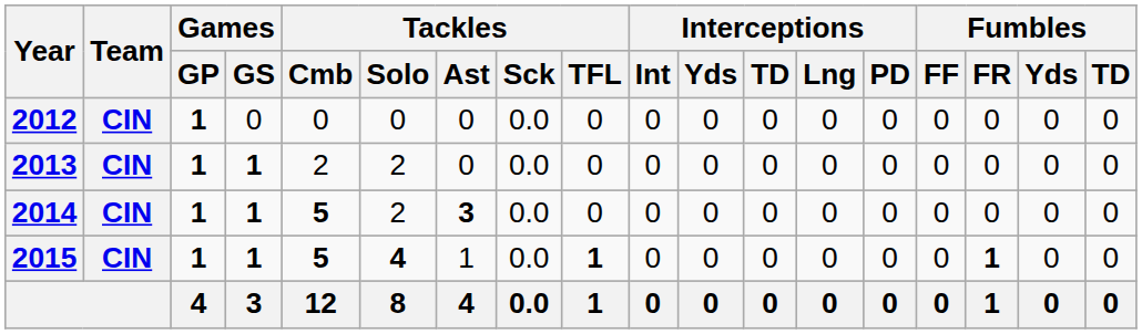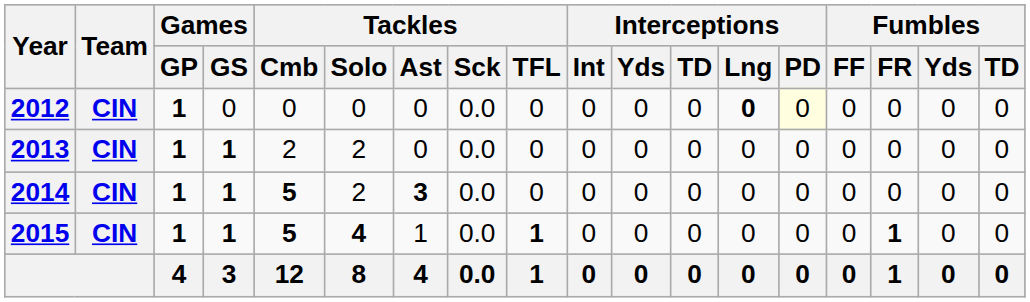 <table class="wikitable" style="text-align:center">
 <tr>
 <th rowspan="2">Year</th>
 <th rowspan="2">Team</th>
 <th colspan="2">Games</th>
 <th colspan="5">Tackles</th>
 <th colspan="5">Interceptions</th>
 <th colspan="4">Fumbles</th>
 </tr>
 <tr>
 <th>GP</th>
 <th>GS</th>
 <th>Cmb</th>
 <th>Solo</th>
 <th>Ast</th>
 <th>Sck</th>
 <th>TFL</th>
 <th>Int</th>
 <th>Yds</th>
 <th>TD</th>
 <th>Lng</th>
 <th>PD</th>
 <th>FF</th>
 <th>FR</th>
 <th>Yds</th>
 <th>TD</th>
 </tr>
 <tr>
 <th><a href='#'>2012</a></th>
 <th><a href='#'>CIN</a></th>
 <td><strong>1</strong></td>
 <td>0</td>
 <td>0</td>
 <td>0</td>
 <td>0</td>
 <td>0.0</td>
 <td>0</td>
 <td>0</td>
 <td>0</td>
 <td>0</td>
-<td>0</td>
-<td>0</td>
+<td><strong>0</strong></td>
+<td style="background: lightyellow;">0</td>
 <td>0</td>
 <td>0</td>
 <td>0</td>
 <td>0</td>
 </tr>
 <tr>
 <th><a href='#'>2013</a></th>
 <th><a href='#'>CIN</a></th>
 <td><strong>1</strong></td>
 <td><strong>1</strong></td>
 <td>2</td>
 <td>2</td>
 <td>0</td>
 <td>0.0</td>
 <td>0</td>
 <td>0</td>
 <td>0</td>
 <td>0</td>
 <td>0</td>
 <td>0</td>
 <td>0</td>
 <td>0</td>
 <td>0</td>
 <td>0</td>
 </tr>
 <tr>
 <th><a href='#'>2014</a></th>
 <th><a href='#'>CIN</a></th>
 <td><strong>1</strong></td>
 <td><strong>1</strong></td>
 <td><strong>5</strong></td>
 <td>2</td>
 <td><strong>3</strong></td>
 <td>0.0</td>
 <td>0</td>
 <td>0</td>
 <td>0</td>
 <td>0</td>
 <td>0</td>
 <td>0</td>
 <td>0</td>
 <td>0</td>
 <td>0</td>
 <td>0</td>
 </tr>
 <tr>
 <th><a href='#'>2015</a></th>
 <th><a href='#'>CIN</a></th>
 <td><strong>1</strong></td>
 <td><strong>1</strong></td>
 <td><strong>5</strong></td>
 <td><strong>4</strong></td>
 <td>1</td>
 <td>0.0</td>
 <td><strong>1</strong></td>
 <td>0</td>
 <td>0</td>
 <td>0</td>
 <td>0</td>
 <td>0</td>
 <td>0</td>
 <td><strong>1</strong></td>
 <td>0</td>
 <td>0</td>
 </tr>
 <tr>
 <th colspan="2"></th>
 <th>4</th>
 <th>3</th>
 <th>12</th>
 <th>8</th>
 <th>4</th>
 <th>0.0</th>
 <th>1</th>
 <th>0</th>
 <th>0</th>
 <th>0</th>
 <th>0</th>
 <th>0</th>
 <th>0</th>
 <th>1</th>
 <th>0</th>
 <th>0</th>
 </tr>
 </table>
